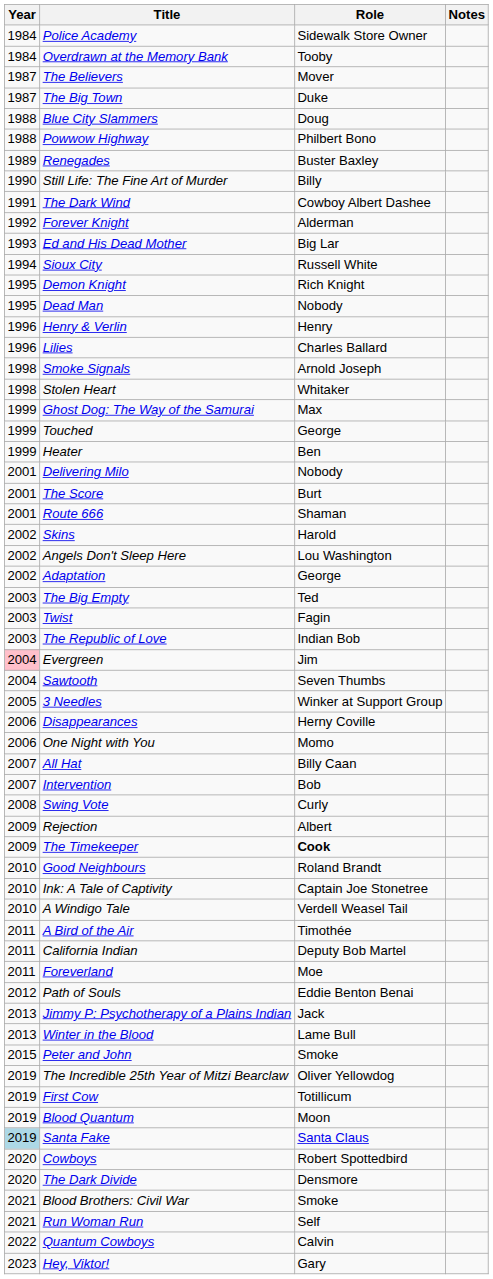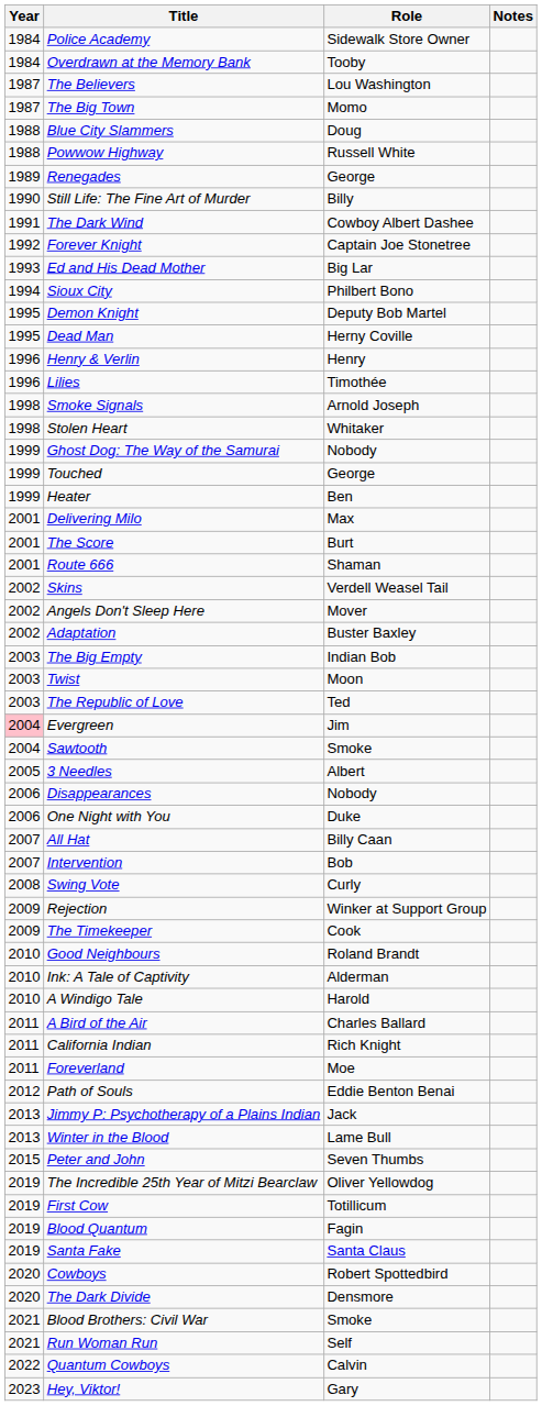 <table class="wikitable sortable">
 <tr>
 <th>Year</th>
 <th>Title</th>
 <th>Role</th>
 <th class="unsortable">Notes</th>
 </tr>
 <tr>
 <td>1984</td>
 <td><a href='#'><em>Police Academy</em></a></td>
 <td>Sidewalk Store Owner</td>
 <td></td>
 </tr>
 <tr>
 <td>1984</td>
 <td><em><a href='#'>Overdrawn at the Memory Bank</a></em></td>
 <td>Tooby</td>
 <td></td>
 </tr>
 <tr>
 <td>1987</td>
 <td data-sort-value="Believers, The"><em><a href='#'>The Believers</a></em></td>
-<td>Mover</td>
+<td>Lou Washington</td>
 <td></td>
 </tr>
 <tr>
 <td>1987</td>
 <td data-sort-value="Big Town, The"><a href='#'><em>The Big Town</em></a></td>
-<td>Duke</td>
+<td>Momo</td>
 <td></td>
 </tr>
 <tr>
 <td>1988</td>
 <td><em><a href='#'>Blue City Slammers</a></em></td>
 <td>Doug</td>
 <td></td>
 </tr>
 <tr>
 <td>1988</td>
 <td><em><a href='#'>Powwow Highway</a></em></td>
-<td>Philbert Bono</td>
+<td>Russell White</td>
 <td></td>
 </tr>
 <tr>
 <td>1989</td>
 <td><a href='#'><em>Renegades</em></a></td>
-<td>Buster Baxley</td>
+<td>George</td>
 <td></td>
 </tr>
 <tr>
 <td>1990</td>
 <td><em>Still Life: The Fine Art of Murder</em></td>
 <td>Billy</td>
 <td></td>
 </tr>
 <tr>
 <td>1991</td>
 <td data-sort-value="Dark Wind, The"><a href='#'><em>The Dark Wind</em></a></td>
 <td>Cowboy Albert Dashee</td>
 <td></td>
 </tr>
 <tr>
 <td>1992</td>
 <td><em><a href='#'>Forever Knight</a></em></td>
-<td>Alderman</td>
+<td>Captain Joe Stonetree</td>
 <td></td>
 </tr>
 <tr>
 <td>1993</td>
 <td><em><a href='#'>Ed and His Dead Mother</a></em></td>
 <td>Big Lar</td>
 <td></td>
 </tr>
 <tr>
 <td>1994</td>
 <td><a href='#'><em>Sioux City</em></a></td>
-<td>Russell White</td>
+<td>Philbert Bono</td>
 <td></td>
 </tr>
 <tr>
 <td>1995</td>
 <td><em><a href='#'>Demon Knight</a></em></td>
-<td>Rich Knight</td>
+<td>Deputy Bob Martel</td>
 <td></td>
 </tr>
 <tr>
 <td>1995</td>
 <td><em><a href='#'>Dead Man</a></em></td>
-<td>Nobody</td>
+<td>Herny Coville</td>
 <td></td>
 </tr>
 <tr>
 <td>1996</td>
 <td><em><a href='#'>Henry & Verlin</a></em></td>
 <td>Henry</td>
 <td></td>
 </tr>
 <tr>
 <td>1996</td>
 <td><a href='#'><em>Lilies</em></a></td>
-<td>Charles Ballard</td>
+<td>Timothée</td>
 <td></td>
 </tr>
 <tr>
 <td>1998</td>
 <td><a href='#'><em>Smoke Signals</em></a></td>
 <td>Arnold Joseph</td>
 <td></td>
 </tr>
 <tr>
 <td>1998</td>
 <td><em>Stolen Heart</em></td>
 <td>Whitaker</td>
 <td></td>
 </tr>
 <tr>
 <td>1999</td>
 <td><em><a href='#'>Ghost Dog: The Way of the Samurai</a></em></td>
-<td>Max</td>
+<td>Nobody</td>
 <td></td>
 </tr>
 <tr>
 <td>1999</td>
 <td><em>Touched</em></td>
 <td>George</td>
 <td></td>
 </tr>
 <tr>
 <td>1999</td>
 <td><em>Heater</em></td>
 <td>Ben</td>
 <td></td>
 </tr>
 <tr>
 <td>2001</td>
 <td><em><a href='#'>Delivering Milo</a></em></td>
-<td>Nobody</td>
+<td>Max</td>
 <td></td>
 </tr>
 <tr>
 <td>2001</td>
 <td data-sort-value="Score, The"><a href='#'><em>The Score</em></a></td>
 <td>Burt</td>
 <td></td>
 </tr>
 <tr>
 <td>2001</td>
 <td><a href='#'><em>Route 666</em></a></td>
 <td>Shaman</td>
 <td></td>
 </tr>
 <tr>
 <td>2002</td>
 <td><a href='#'><em>Skins</em></a></td>
-<td>Harold</td>
+<td>Verdell Weasel Tail</td>
 <td></td>
 </tr>
 <tr>
 <td>2002</td>
 <td><em>Angels Don't Sleep Here</em></td>
-<td>Lou Washington</td>
+<td>Mover</td>
 <td></td>
 </tr>
 <tr>
 <td>2002</td>
 <td><a href='#'><em>Adaptation</em></a></td>
-<td>George</td>
+<td>Buster Baxley</td>
 <td></td>
 </tr>
 <tr>
 <td>2003</td>
 <td data-sort-value="Big Empty, The"><a href='#'><em>The Big Empty</em></a></td>
-<td>Ted</td>
+<td>Indian Bob</td>
 <td></td>
 </tr>
 <tr>
 <td>2003</td>
 <td><a href='#'><em>Twist</em></a></td>
-<td>Fagin</td>
+<td>Moon</td>
 <td></td>
 </tr>
 <tr>
 <td>2003</td>
 <td data-sort-value="Republic of Love, The"><em><a href='#'>The Republic of Love</a></em></td>
-<td>Indian Bob</td>
+<td>Ted</td>
 <td></td>
 </tr>
 <tr>
 <td style="background: pink;">2004</td>
 <td><em>Evergreen</em></td>
 <td>Jim</td>
 <td></td>
 </tr>
 <tr>
 <td>2004</td>
 <td><a href='#'><em>Sawtooth</em></a></td>
-<td>Seven Thumbs</td>
+<td>Smoke</td>
 <td></td>
 </tr>
 <tr>
 <td>2005</td>
 <td><em><a href='#'>3 Needles</a></em></td>
-<td>Winker at Support Group</td>
+<td>Albert</td>
 <td></td>
 </tr>
 <tr>
 <td>2006</td>
 <td><a href='#'><em>Disappearances</em></a></td>
-<td>Herny Coville</td>
+<td>Nobody</td>
 <td></td>
 </tr>
 <tr>
 <td>2006</td>
 <td><em>One Night with You</em></td>
-<td>Momo</td>
+<td>Duke</td>
 <td></td>
 </tr>
 <tr>
 <td>2007</td>
 <td><em><a href='#'>All Hat</a></em></td>
 <td>Billy Caan</td>
 <td></td>
 </tr>
 <tr>
 <td>2007</td>
 <td><a href='#'><em>Intervention</em></a></td>
 <td>Bob</td>
 <td></td>
 </tr>
 <tr>
 <td>2008</td>
 <td><a href='#'><em>Swing Vote</em></a></td>
 <td>Curly</td>
 <td></td>
 </tr>
 <tr>
 <td>2009</td>
 <td><em>Rejection</em></td>
-<td>Albert</td>
+<td>Winker at Support Group</td>
 <td></td>
 </tr>
 <tr>
 <td>2009</td>
 <td data-sort-value="Timekeeper, The"><a href='#'><em>The Timekeeper</em></a></td>
-<td><strong>Cook</strong></td>
+<td>Cook</td>
 <td></td>
 </tr>
 <tr>
 <td>2010</td>
 <td><a href='#'><em>Good Neighbours</em></a></td>
 <td>Roland Brandt</td>
 <td></td>
 </tr>
 <tr>
 <td>2010</td>
 <td><em>Ink: A Tale of Captivity</em></td>
-<td>Captain Joe Stonetree</td>
+<td>Alderman</td>
 <td></td>
 </tr>
 <tr>
 <td>2010</td>
 <td data-sort-value="Windigo Tale, A"><em>A Windigo Tale</em></td>
-<td>Verdell Weasel Tail</td>
+<td>Harold</td>
 <td></td>
 </tr>
 <tr>
 <td>2011</td>
 <td data-sort-value="Bird of the Air, A"><em><a href='#'>A Bird of the Air</a></em></td>
-<td>Timothée</td>
+<td>Charles Ballard</td>
 <td></td>
 </tr>
 <tr>
 <td>2011</td>
 <td><em>California Indian</em></td>
-<td>Deputy Bob Martel</td>
+<td>Rich Knight</td>
 <td></td>
 </tr>
 <tr>
 <td>2011</td>
 <td><a href='#'><em>Foreverland</em></a></td>
 <td>Moe</td>
 <td></td>
 </tr>
 <tr>
 <td>2012</td>
 <td><em>Path of Souls</em></td>
 <td>Eddie Benton Benai</td>
 <td></td>
 </tr>
 <tr>
 <td>2013</td>
 <td><em><a href='#'>Jimmy P: Psychotherapy of a Plains Indian</a></em></td>
 <td>Jack</td>
 <td></td>
 </tr>
 <tr>
 <td>2013</td>
 <td><a href='#'><em>Winter in the Blood</em></a></td>
 <td>Lame Bull</td>
 <td></td>
 </tr>
 <tr>
 <td>2015</td>
 <td><em><a href='#'>Peter and John</a></em></td>
-<td>Smoke</td>
+<td>Seven Thumbs</td>
 <td></td>
 </tr>
 <tr>
 <td>2019</td>
 <td data-sort-value="Incredible 25th Year of Mitzi Bearclaw, The"><em>The Incredible 25th Year of Mitzi Bearclaw</em></td>
 <td>Oliver Yellowdog</td>
 <td></td>
 </tr>
 <tr>
 <td>2019</td>
 <td><em><a href='#'>First Cow</a></em></td>
 <td>Totillicum</td>
 <td></td>
 </tr>
 <tr>
 <td>2019</td>
 <td><a href='#'><em>Blood Quantum</em></a></td>
-<td>Moon</td>
+<td>Fagin</td>
 <td></td>
 </tr>
 <tr>
-<td style="background: lightblue;">2019</td>
+<td>2019</td>
 <td><em><a href='#'>Santa Fake</a></em></td>
 <td><a href='#'>Santa Claus</a></td>
 <td></td>
 </tr>
 <tr>
 <td>2020</td>
 <td><a href='#'><em>Cowboys</em></a></td>
 <td>Robert Spottedbird</td>
 <td></td>
 </tr>
 <tr>
 <td>2020</td>
 <td data-sort-value="Dark Divide, The"><em><a href='#'>The Dark Divide</a></em></td>
 <td>Densmore</td>
 <td></td>
 </tr>
 <tr>
 <td>2021</td>
 <td><em>Blood Brothers: Civil War</em></td>
 <td>Smoke</td>
 <td></td>
 </tr>
 <tr>
 <td>2021</td>
 <td><em><a href='#'>Run Woman Run</a></em></td>
 <td>Self</td>
 <td></td>
 </tr>
 <tr>
 <td>2022</td>
 <td><em><a href='#'>Quantum Cowboys</a></em></td>
 <td>Calvin</td>
 <td></td>
 </tr>
 <tr>
 <td>2023</td>
 <td><em><a href='#'>Hey, Viktor!</a></em></td>
 <td>Gary</td>
 <td></td>
 </tr>
 </table>
